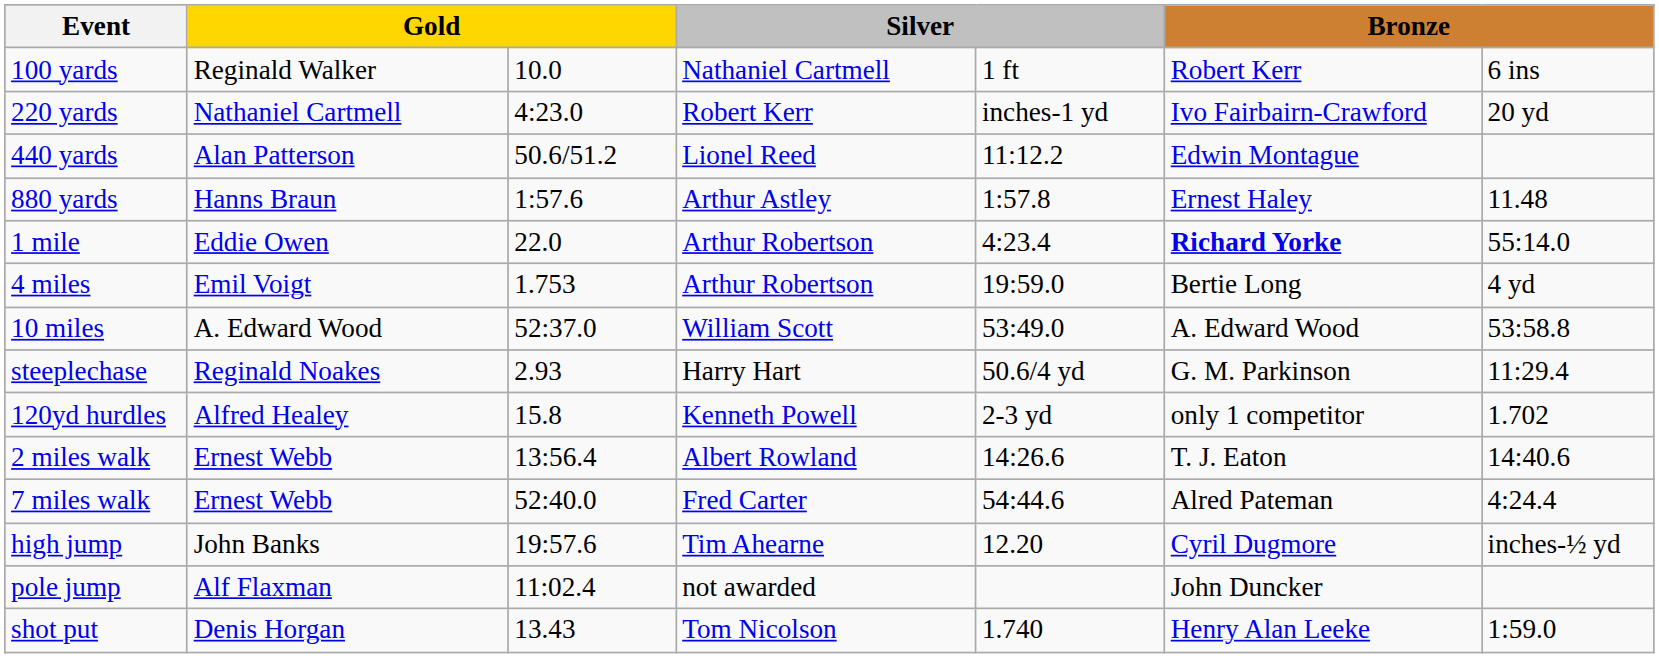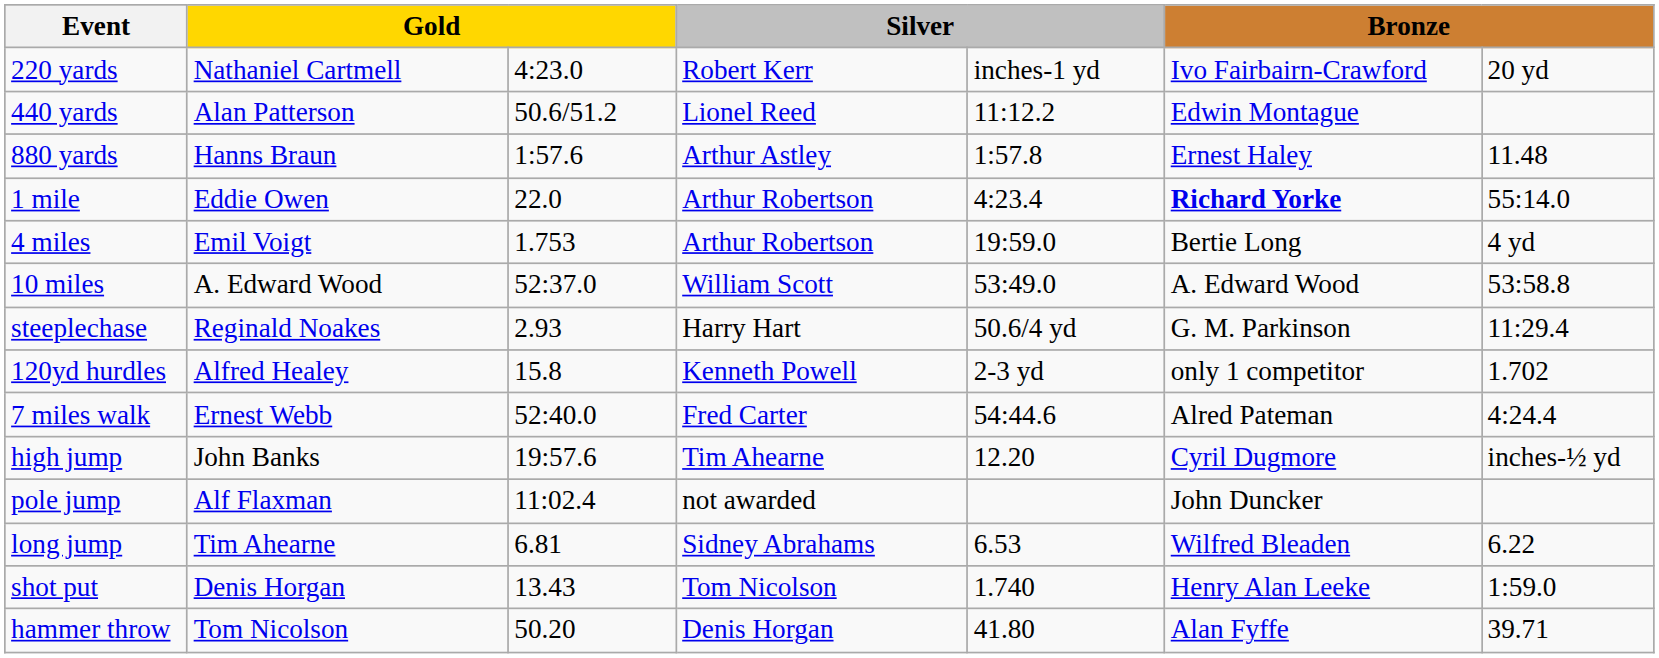 <table class="wikitable" style="text-align:left">
 <tr>
 <th width=100>Event</th>
 <th colspan="2" width="280" style="background:gold;">Gold</th>
 <th colspan="2" width="280" style="background:silver;">Silver</th>
 <th colspan="2" width="280" style="background:#CD7F32;">Bronze</th>
-</tr>
-<tr>
-<td><a href='#'>100 yards</a></td>
-<td> Reginald Walker</td>
-<td>10.0</td>
-<td> <a href='#'>Nathaniel Cartmell</a></td>
-<td>1 ft</td>
-<td> <a href='#'>Robert Kerr</a></td>
-<td>6 ins</td>
 </tr>
 <tr>
 <td><a href='#'>220 yards</a></td>
 <td> <a href='#'>Nathaniel Cartmell</a></td>
 <td>4:23.0</td>
 <td> <a href='#'>Robert Kerr</a></td>
 <td>inches-1 yd</td>
 <td><a href='#'>Ivo Fairbairn-Crawford</a></td>
 <td>20 yd</td>
 </tr>
 <tr>
 <td><a href='#'>440 yards</a></td>
 <td><a href='#'>Alan Patterson</a></td>
 <td>50.6/51.2</td>
 <td><a href='#'>Lionel Reed</a></td>
 <td>11:12.2</td>
 <td><a href='#'>Edwin Montague</a></td>
 <td></td>
 </tr>
 <tr>
 <td><a href='#'>880 yards</a></td>
 <td> <a href='#'>Hanns Braun</a></td>
 <td>1:57.6</td>
 <td><a href='#'>Arthur Astley</a></td>
 <td>1:57.8</td>
 <td><a href='#'>Ernest Haley</a></td>
 <td>11.48</td>
 </tr>
 <tr>
 <td><a href='#'>1 mile</a></td>
 <td><a href='#'>Eddie Owen</a></td>
 <td>22.0</td>
 <td> <a href='#'>Arthur Robertson</a></td>
 <td>4:23.4</td>
 <td><strong><a href='#'>Richard Yorke</a></strong></td>
 <td>55:14.0</td>
 </tr>
 <tr>
 <td><a href='#'>4 miles</a></td>
 <td><a href='#'>Emil Voigt</a></td>
 <td>1.753</td>
 <td><a href='#'>Arthur Robertson</a></td>
 <td>19:59.0</td>
 <td>Bertie Long</td>
 <td>4 yd</td>
 </tr>
 <tr>
 <td><a href='#'>10 miles</a></td>
 <td>A. Edward Wood</td>
 <td>52:37.0</td>
 <td><a href='#'>William Scott</a></td>
 <td>53:49.0</td>
 <td>A. Edward Wood</td>
 <td>53:58.8</td>
 </tr>
 <tr>
 <td><a href='#'>steeplechase</a></td>
 <td><a href='#'>Reginald Noakes</a></td>
 <td>2.93</td>
 <td>Harry Hart</td>
 <td>50.6/4 yd</td>
 <td>G. M. Parkinson</td>
 <td>11:29.4</td>
 </tr>
 <tr>
 <td><a href='#'>120yd hurdles</a></td>
 <td><a href='#'>Alfred Healey</a></td>
 <td>15.8</td>
 <td><a href='#'>Kenneth Powell</a></td>
 <td>2-3 yd</td>
 <td>only 1 competitor</td>
 <td>1.702</td>
 </tr>
 <tr>
-<td><a href='#'>2 miles walk</a></td>
-<td><a href='#'>Ernest Webb</a></td>
-<td>13:56.4</td>
-<td> <a href='#'>Albert Rowland</a></td>
-<td>14:26.6</td>
-<td>T. J. Eaton</td>
-<td>14:40.6</td>
-</tr>
-<tr>
 <td><a href='#'>7 miles walk</a></td>
 <td><a href='#'>Ernest Webb</a></td>
 <td>52:40.0</td>
 <td><a href='#'>Fred Carter</a></td>
 <td>54:44.6</td>
 <td>Alred Pateman</td>
 <td>4:24.4</td>
 </tr>
 <tr>
 <td><a href='#'>high jump</a></td>
 <td>John Banks</td>
 <td>19:57.6</td>
 <td> <a href='#'>Tim Ahearne</a></td>
 <td>12.20</td>
 <td><a href='#'>Cyril Dugmore</a></td>
 <td>inches-½ yd</td>
 </tr>
 <tr>
 <td><a href='#'>pole jump</a></td>
 <td><a href='#'>Alf Flaxman</a></td>
 <td>11:02.4</td>
 <td>not awarded</td>
 <td></td>
 <td> John Duncker</td>
 <td></td>
 </tr>
 <tr>
+<td><a href='#'>long jump</a></td>
+<td> <a href='#'>Tim Ahearne</a></td>
+<td>6.81</td>
+<td><a href='#'>Sidney Abrahams</a></td>
+<td>6.53</td>
+<td> <a href='#'>Wilfred Bleaden</a></td>
+<td>6.22</td>
+</tr>
+<tr>
 <td><a href='#'>shot put</a></td>
 <td> <a href='#'>Denis Horgan</a></td>
 <td>13.43</td>
 <td> <a href='#'>Tom Nicolson</a></td>
 <td>1.740</td>
 <td><a href='#'>Henry Alan Leeke</a></td>
 <td>1:59.0</td>
 </tr>
+<tr>
+<td><a href='#'>hammer throw</a></td>
+<td> <a href='#'>Tom Nicolson</a></td>
+<td>50.20</td>
+<td> <a href='#'>Denis Horgan</a></td>
+<td>41.80</td>
+<td><a href='#'>Alan Fyffe</a></td>
+<td>39.71</td>
+</tr>
 </table>
